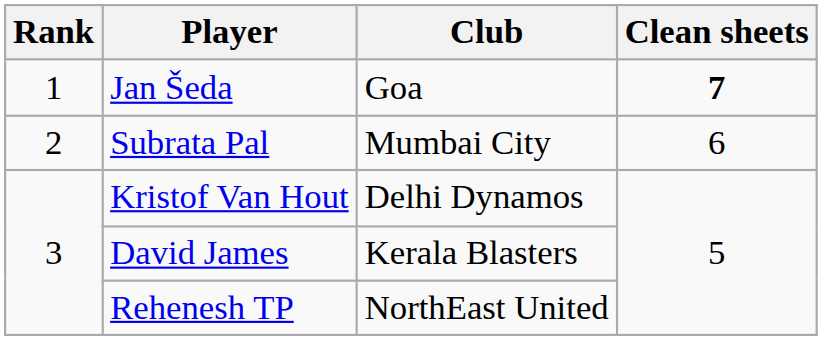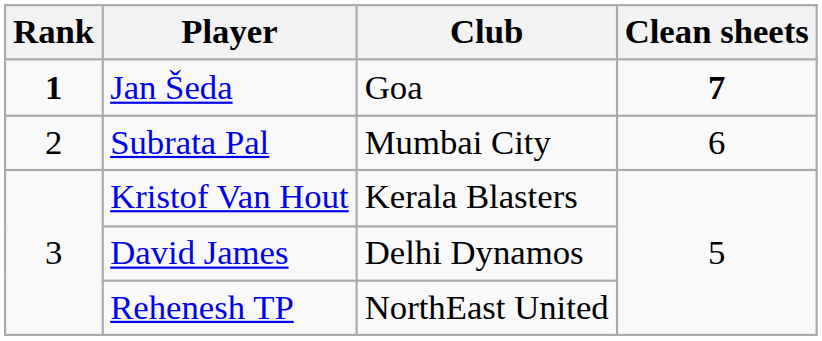 <table class="wikitable sortable" style="text-align:center">
 <tr>
 <th>Rank</th>
 <th>Player</th>
 <th>Club</th>
 <th>Clean sheets</th>
 </tr>
 <tr>
-<td>1</td>
+<td><strong>1</strong></td>
 <td align="left"> <a href='#'>Jan Šeda</a></td>
 <td align="left">Goa</td>
 <td><strong>7</strong></td>
 </tr>
 <tr>
 <td>2</td>
 <td align="left"> <a href='#'>Subrata Pal</a></td>
 <td align="left">Mumbai City</td>
 <td>6</td>
 </tr>
 <tr>
 <td rowspan=3>3</td>
 <td align="left"> <a href='#'>Kristof Van Hout</a></td>
-<td align="left">Delhi Dynamos</td>
+<td align="left">Kerala Blasters</td>
 <td rowspan=3>5</td>
 </tr>
 <tr>
 <td align="left"> <a href='#'>David James</a></td>
-<td align="left">Kerala Blasters</td>
+<td align="left">Delhi Dynamos</td>
 </tr>
 <tr>
 <td align="left"> <a href='#'>Rehenesh TP</a></td>
 <td align="left">NorthEast United</td>
 </tr>
 </table>
